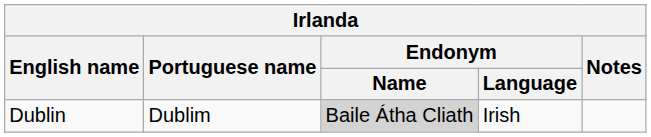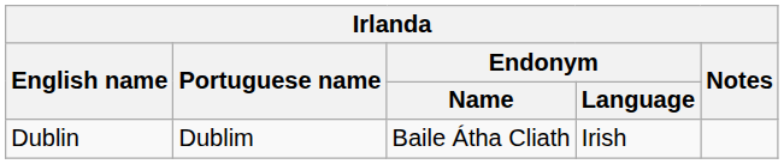 <table class="wikitable sortable">
 <tr>
 <th colspan="5"> Irlanda</th>
 </tr>
 <tr>
 <th rowspan="2">English name</th>
 <th rowspan="2">Portuguese name</th>
 <th colspan="2">Endonym</th>
 <th rowspan="2">Notes</th>
 </tr>
 <tr>
 <th>Name</th>
 <th>Language</th>
 </tr>
 <tr>
 <td>Dublin</td>
 <td>Dublim</td>
-<td style="background: lightgrey;">Baile Átha Cliath</td>
+<td>Baile Átha Cliath</td>
 <td>Irish</td>
 <td></td>
 </tr>
 </table>
